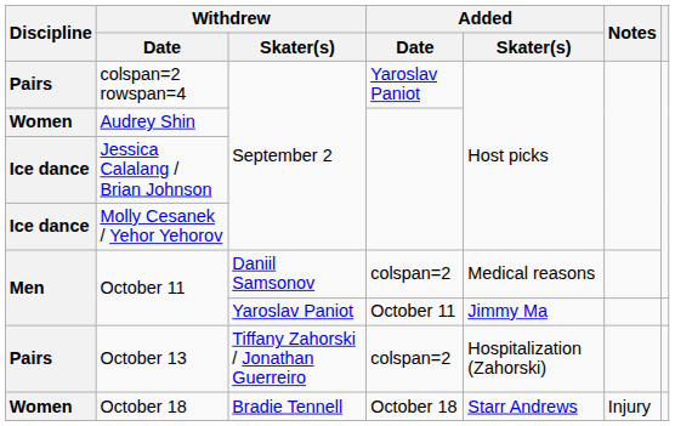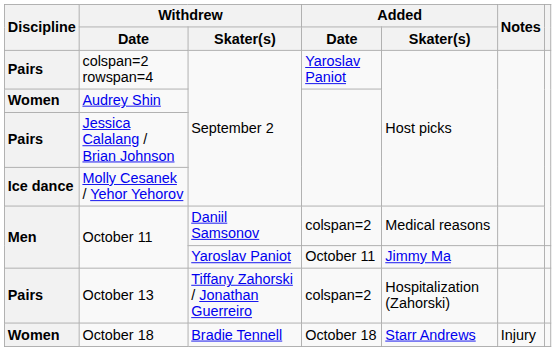 <table class="wikitable unsortable">
 <tr>
 <th scope="col" rowspan=2>Discipline</th>
 <th scope="col" colspan=2>Withdrew</th>
 <th scope="col" colspan=2>Added</th>
 <th scope="col" rowspan=2>Notes</th>
 <th scope="col" rowspan=2></th>
 </tr>
 <tr>
 <th>Date</th>
 <th>Skater(s)</th>
 <th>Date</th>
 <th>Skater(s)</th>
 </tr>
 <tr>
 <th scope="row" style="text-align:left">Pairs</th>
 <td>colspan=2 rowspan=4 </td>
 <td rowspan=4>September 2</td>
 <td> <a href='#'>Yaroslav Paniot</a></td>
 <td rowspan=4>Host picks</td>
 <td rowspan=4></td>
 </tr>
 <tr>
 <th scope="row" style="text-align:left">Women</th>
 <td> <a href='#'>Audrey Shin</a></td>
 </tr>
 <tr>
-<th scope="row" style="text-align:left">Ice dance</th>
+<th scope="row" style="text-align:left">Pairs</th>
 <td> <a href='#'>Jessica Calalang</a> / <a href='#'>Brian Johnson</a></td>
 </tr>
 <tr>
 <th scope="row" style="text-align:left">Ice dance</th>
 <td> <a href='#'>Molly Cesanek</a> / <a href='#'>Yehor Yehorov</a></td>
 </tr>
 <tr>
 <th scope="row" style="text-align:left" rowspan=2>Men</th>
 <td rowspan=2>October 11</td>
 <td> <a href='#'>Daniil Samsonov</a></td>
 <td>colspan=2 </td>
 <td>Medical reasons</td>
 <td></td>
 </tr>
 <tr>
 <td> <a href='#'>Yaroslav Paniot</a></td>
 <td>October 11</td>
 <td> <a href='#'>Jimmy Ma</a></td>
 <td></td>
 <td></td>
 </tr>
 <tr>
 <th scope="row" style="text-align:left">Pairs</th>
 <td>October 13</td>
 <td> <a href='#'>Tiffany Zahorski</a> / <a href='#'>Jonathan Guerreiro</a></td>
 <td>colspan=2 </td>
 <td>Hospitalization (Zahorski)</td>
 <td></td>
 </tr>
 <tr>
 <th scope="row" style="text-align:left">Women</th>
 <td>October 18</td>
 <td> <a href='#'>Bradie Tennell</a></td>
 <td>October 18</td>
 <td> <a href='#'>Starr Andrews</a></td>
 <td>Injury</td>
 <td></td>
 </tr>
 </table>
